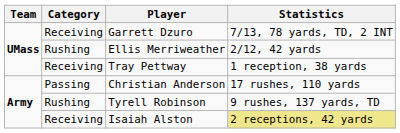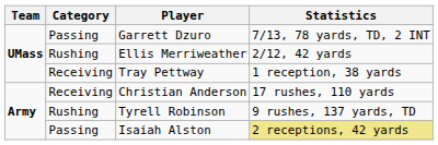 <table class="wikitable" style="float: left;">
 <tr>
 <th>Team</th>
 <th>Category</th>
 <th>Player</th>
 <th>Statistics</th>
 </tr>
 <tr>
 <td rowspan=3><strong>UMass</strong></td>
-<td>Receiving</td>
+<td>Passing</td>
 <td>Garrett Dzuro</td>
 <td>7/13, 78 yards, TD, 2 INT</td>
 </tr>
 <tr>
 <td>Rushing</td>
 <td>Ellis Merriweather</td>
 <td>2/12, 42 yards</td>
 </tr>
 <tr>
 <td>Receiving</td>
 <td>Tray Pettway</td>
 <td>1 reception, 38 yards</td>
 </tr>
 <tr>
 <td rowspan=3><strong>Army</strong></td>
-<td>Passing</td>
+<td>Receiving</td>
 <td>Christian Anderson</td>
 <td>17 rushes, 110 yards</td>
 </tr>
 <tr>
 <td>Rushing</td>
 <td>Tyrell Robinson</td>
 <td>9 rushes, 137 yards, TD</td>
 </tr>
 <tr>
-<td>Receiving</td>
+<td>Passing</td>
 <td>Isaiah Alston</td>
 <td style="background: khaki;">2 receptions, 42 yards</td>
 </tr>
 </table>
